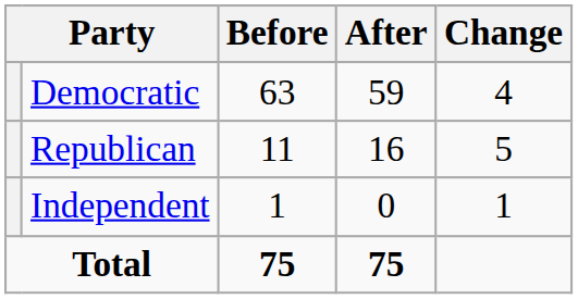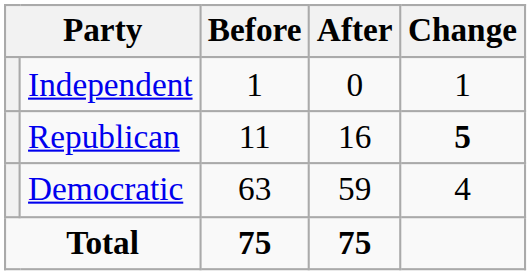 <table class="wikitable" style="text-align:center;">
 <tr>
 <th colspan="2">Party</th>
 <th>Before</th>
 <th>After</th>
 <th>Change</th>
 </tr>
 <tr>
 <th style="background-color:"></th>
-<td style="text-align:left;"><a href='#'>Democratic</a></td>
-<td>63</td>
-<td>59</td>
-<td> 4</td>
+<td style="text-align:left;"><a href='#'>Independent</a></td>
+<td>1</td>
+<td>0</td>
+<td> 1</td>
 </tr>
 <tr>
 <th style="background-color:"></th>
 <td style="text-align:left;"><a href='#'>Republican</a></td>
 <td>11</td>
 <td>16</td>
-<td> 5</td>
+<td><strong> 5</strong></td>
 </tr>
 <tr>
 <th style="background-color:"></th>
-<td style="text-align:left;"><a href='#'>Independent</a></td>
-<td>1</td>
-<td>0</td>
-<td> 1</td>
+<td style="text-align:left;"><a href='#'>Democratic</a></td>
+<td>63</td>
+<td>59</td>
+<td> 4</td>
 </tr>
 <tr>
 <td colspan="2"><strong>Total</strong></td>
 <td><strong>75</strong></td>
 <td><strong>75</strong></td>
 <td></td>
 </tr>
 </table>
